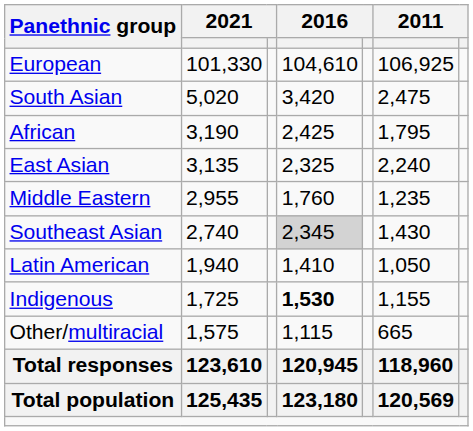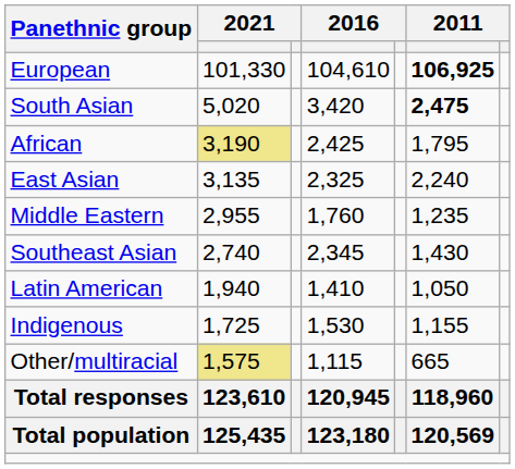 <table class="wikitable collapsible sortable">
 <tr>
 <th rowspan="2"><a href='#'>Panethnic</a> group</th>
 <th colspan="2">2021</th>
 <th colspan="2">2016</th>
 <th colspan="2">2011</th>
 </tr>
 <tr>
 <th><a href='#'></a></th>
 <th></th>
 <th></th>
 <th></th>
 <th></th>
 <th></th>
 </tr>
 <tr>
 <td><a href='#'>European</a></td>
 <td>101,330</td>
 <td></td>
 <td>104,610</td>
 <td></td>
-<td>106,925</td>
+<td><strong>106,925</strong></td>
 <td></td>
 </tr>
 <tr>
 <td><a href='#'>South Asian</a></td>
 <td>5,020</td>
 <td></td>
 <td>3,420</td>
 <td></td>
-<td>2,475</td>
+<td><strong>2,475</strong></td>
 <td></td>
 </tr>
 <tr>
 <td><a href='#'>African</a></td>
-<td>3,190</td>
+<td style="background: khaki;">3,190</td>
 <td></td>
 <td>2,425</td>
 <td></td>
 <td>1,795</td>
 <td></td>
 </tr>
 <tr>
 <td><a href='#'>East Asian</a></td>
 <td>3,135</td>
 <td></td>
 <td>2,325</td>
 <td></td>
 <td>2,240</td>
 <td></td>
 </tr>
 <tr>
 <td><a href='#'>Middle Eastern</a></td>
 <td>2,955</td>
 <td></td>
 <td>1,760</td>
 <td></td>
 <td>1,235</td>
 <td></td>
 </tr>
 <tr>
 <td><a href='#'>Southeast Asian</a></td>
 <td>2,740</td>
 <td></td>
-<td style="background: lightgrey;">2,345</td>
+<td>2,345</td>
 <td></td>
 <td>1,430</td>
 <td></td>
 </tr>
 <tr>
 <td><a href='#'>Latin American</a></td>
 <td>1,940</td>
 <td></td>
 <td>1,410</td>
 <td></td>
 <td>1,050</td>
 <td></td>
 </tr>
 <tr>
 <td><a href='#'>Indigenous</a></td>
 <td>1,725</td>
 <td></td>
-<td><strong>1,530</strong></td>
+<td>1,530</td>
 <td></td>
 <td>1,155</td>
 <td></td>
 </tr>
 <tr>
 <td>Other/<a href='#'>multiracial</a></td>
-<td>1,575</td>
+<td style="background: khaki;">1,575</td>
 <td></td>
 <td>1,115</td>
 <td></td>
 <td>665</td>
 <td></td>
 </tr>
 <tr>
 <th>Total responses</th>
 <th>123,610</th>
 <th></th>
 <th>120,945</th>
 <th></th>
 <th>118,960</th>
 <th></th>
 </tr>
 <tr class="sortbottom">
 <th>Total population</th>
 <th>125,435</th>
 <th></th>
 <th>123,180</th>
 <th></th>
 <th>120,569</th>
 <th></th>
 </tr>
 <tr class="sortbottom">
 <td colspan="15"></td>
 </tr>
 </table>
